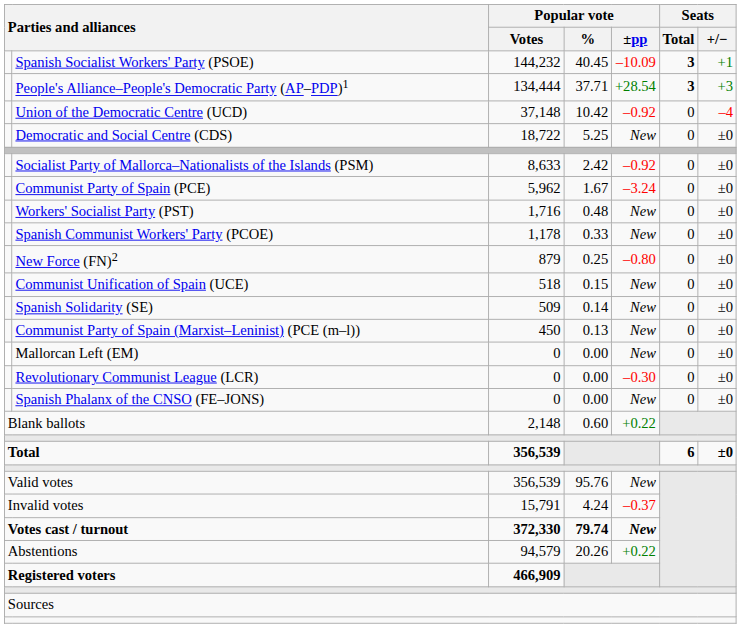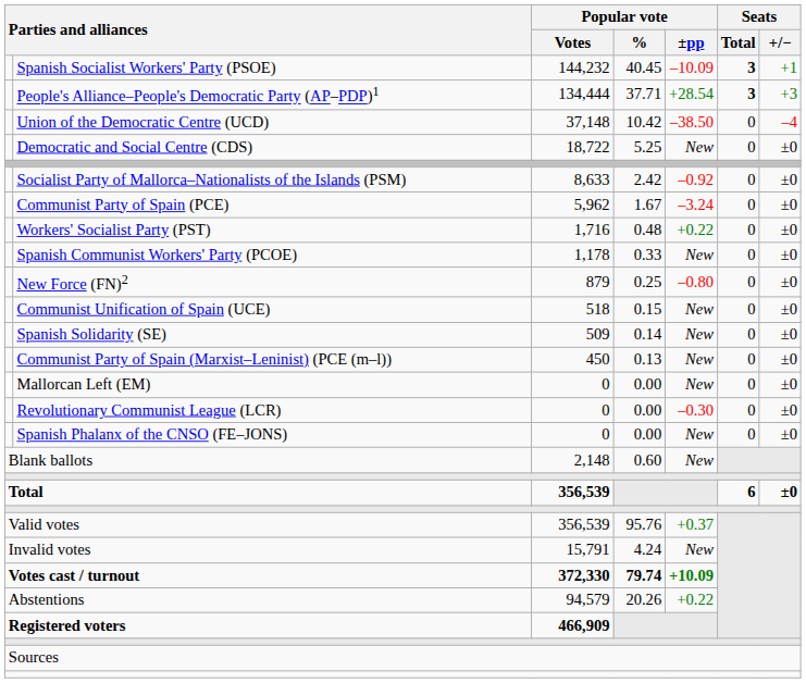 <table class="wikitable" style="text-align:right;">
 <tr>
 <th style="text-align:left;" rowspan="2" colspan="2" width="525">Parties and alliances</th>
 <th colspan="3">Popular vote</th>
 <th colspan="2">Seats</th>
 </tr>
 <tr>
 <th width="75">Votes</th>
 <th width="45">%</th>
 <th width="45">±<a href='#'>pp</a></th>
 <th width="35">Total</th>
 <th width="35">+/−</th>
 </tr>
 <tr>
 <td width="1" style="color:inherit;background:"></td>
 <td align="left"><a href='#'>Spanish Socialist Workers' Party</a> (PSOE)</td>
 <td>144,232</td>
 <td>40.45</td>
 <td style="color:red;">–10.09</td>
 <td><strong>3</strong></td>
 <td style="color:green;">+1</td>
 </tr>
 <tr>
 <td style="color:inherit;background:"></td>
 <td align="left"><a href='#'>People's Alliance–People's Democratic Party</a> (<a href='#'>AP</a>–<a href='#'>PDP</a>)<sup>1</sup></td>
 <td>134,444</td>
 <td>37.71</td>
 <td style="color:green;">+28.54</td>
 <td><strong>3</strong></td>
 <td style="color:green;">+3</td>
 </tr>
 <tr>
 <td style="color:inherit;background:"></td>
 <td align="left"><a href='#'>Union of the Democratic Centre</a> (UCD)</td>
 <td>37,148</td>
 <td>10.42</td>
-<td style="color:red;">–0.92</td>
+<td style="color:red;">–38.50</td>
 <td>0</td>
 <td style="color:red;">–4</td>
 </tr>
 <tr>
 <td style="color:inherit;background:"></td>
 <td align="left"><a href='#'>Democratic and Social Centre</a> (CDS)</td>
 <td>18,722</td>
 <td>5.25</td>
 <td><em>New</em></td>
 <td>0</td>
 <td>±0</td>
 </tr>
 <tr>
 <td colspan="7" bgcolor="#C0C0C0"></td>
 </tr>
 <tr>
 <td style="color:inherit;background:"></td>
 <td align="left"><a href='#'>Socialist Party of Mallorca–Nationalists of the Islands</a> (PSM)</td>
 <td>8,633</td>
 <td>2.42</td>
 <td style="color:red;">–0.92</td>
 <td>0</td>
 <td>±0</td>
 </tr>
 <tr>
 <td style="color:inherit;background:"></td>
 <td align="left"><a href='#'>Communist Party of Spain</a> (PCE)</td>
 <td>5,962</td>
 <td>1.67</td>
 <td style="color:red;">–3.24</td>
 <td>0</td>
 <td>±0</td>
 </tr>
 <tr>
 <td style="color:inherit;background:"></td>
 <td align="left"><a href='#'>Workers' Socialist Party</a> (PST)</td>
 <td>1,716</td>
 <td>0.48</td>
-<td><em>New</em></td>
+<td style="color:green;">+0.22</td>
 <td>0</td>
 <td>±0</td>
 </tr>
 <tr>
 <td style="color:inherit;background:"></td>
 <td align="left"><a href='#'>Spanish Communist Workers' Party</a> (PCOE)</td>
 <td>1,178</td>
 <td>0.33</td>
 <td><em>New</em></td>
 <td>0</td>
 <td>±0</td>
 </tr>
 <tr>
 <td style="color:inherit;background:"></td>
 <td align="left"><a href='#'>New Force</a> (FN)<sup>2</sup></td>
 <td>879</td>
 <td>0.25</td>
 <td style="color:red;">–0.80</td>
 <td>0</td>
 <td>±0</td>
 </tr>
 <tr>
 <td style="color:inherit;background:"></td>
 <td align="left"><a href='#'>Communist Unification of Spain</a> (UCE)</td>
 <td>518</td>
 <td>0.15</td>
 <td><em>New</em></td>
 <td>0</td>
 <td>±0</td>
 </tr>
 <tr>
 <td style="color:inherit;background:"></td>
 <td align="left"><a href='#'>Spanish Solidarity</a> (SE)</td>
 <td>509</td>
 <td>0.14</td>
 <td><em>New</em></td>
 <td>0</td>
 <td>±0</td>
 </tr>
 <tr>
 <td style="color:inherit;background:"></td>
 <td align="left"><a href='#'>Communist Party of Spain (Marxist–Leninist)</a> (PCE (m–l))</td>
 <td>450</td>
 <td>0.13</td>
 <td><em>New</em></td>
 <td>0</td>
 <td>±0</td>
 </tr>
 <tr>
 <td bgcolor="white"></td>
 <td align="left">Mallorcan Left (EM)</td>
 <td>0</td>
 <td>0.00</td>
 <td><em>New</em></td>
 <td>0</td>
 <td>±0</td>
 </tr>
 <tr>
 <td style="color:inherit;background:"></td>
 <td align="left"><a href='#'>Revolutionary Communist League</a> (LCR)</td>
 <td>0</td>
 <td>0.00</td>
 <td style="color:red;">–0.30</td>
 <td>0</td>
 <td>±0</td>
 </tr>
 <tr>
 <td style="color:inherit;background:"></td>
 <td align="left"><a href='#'>Spanish Phalanx of the CNSO</a> (FE–JONS)</td>
 <td>0</td>
 <td>0.00</td>
 <td><em>New</em></td>
 <td>0</td>
 <td>±0</td>
 </tr>
 <tr>
 <td align="left" colspan="2">Blank ballots</td>
 <td>2,148</td>
 <td>0.60</td>
-<td style="color:green;">+0.22</td>
+<td><em>New</em></td>
 <td bgcolor="#E9E9E9" colspan="2"></td>
 </tr>
 <tr>
 <td colspan="7" bgcolor="#E9E9E9"></td>
 </tr>
 <tr style="font-weight:bold;">
 <td align="left" colspan="2">Total</td>
 <td>356,539</td>
 <td bgcolor="#E9E9E9" colspan="2"></td>
 <td>6</td>
 <td>±0</td>
 </tr>
 <tr>
 <td colspan="7" bgcolor="#E9E9E9"></td>
 </tr>
 <tr>
 <td align="left" colspan="2">Valid votes</td>
 <td>356,539</td>
 <td>95.76</td>
-<td><em>New</em></td>
+<td style="color:green;">+0.37</td>
 <td bgcolor="#E9E9E9" colspan="2" rowspan="5"></td>
 </tr>
 <tr>
 <td align="left" colspan="2">Invalid votes</td>
 <td>15,791</td>
 <td>4.24</td>
-<td style="color:red;">–0.37</td>
+<td><em>New</em></td>
 </tr>
 <tr style="font-weight:bold;">
 <td align="left" colspan="2">Votes cast / turnout</td>
 <td>372,330</td>
 <td>79.74</td>
-<td><em>New</em></td>
+<td style="color:green;">+10.09</td>
 </tr>
 <tr>
 <td align="left" colspan="2">Abstentions</td>
 <td>94,579</td>
 <td>20.26</td>
 <td style="color:green;">+0.22</td>
 </tr>
 <tr style="font-weight:bold;">
 <td align="left" colspan="2">Registered voters</td>
 <td>466,909</td>
 <td bgcolor="#E9E9E9" colspan="2"></td>
 </tr>
 <tr>
 <td colspan="7" bgcolor="#E9E9E9"></td>
 </tr>
 <tr>
 <td align="left" colspan="7">Sources</td>
 </tr>
 <tr>
 <td colspan="7" style="text-align:left; max-width:790px;"></td>
 </tr>
 </table>
